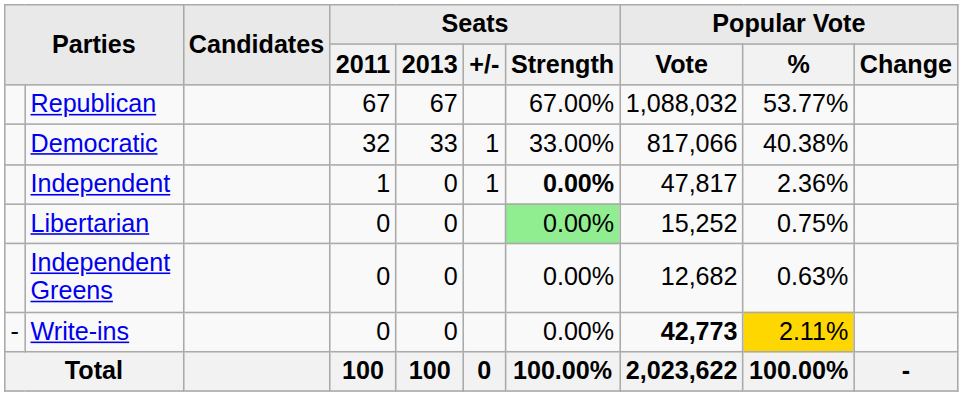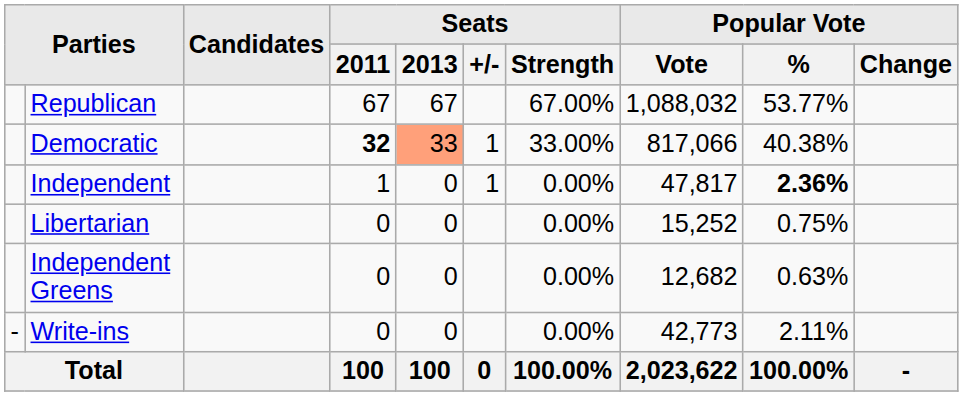 <table class=wikitable>
 <tr>
 <th style="background-color:#E9E9E9" align=center rowspan= 2 colspan=2>Parties</th>
 <th style="background-color:#E9E9E9" align=center rowspan= 2>Candidates</th>
 <th style="background-color:#E9E9E9" align=center colspan=4>Seats</th>
 <th style="background-color:#E9E9E9" align=center colspan=3>Popular Vote</th>
 </tr>
 <tr>
 <th align=center>2011</th>
 <th align=center>2013</th>
 <th align=center>+/-</th>
 <th align=center>Strength</th>
 <th align=center>Vote</th>
 <th align=center>%</th>
 <th align=center>Change</th>
 </tr>
 <tr>
 <td></td>
 <td align=left><a href='#'>Republican</a></td>
 <td align=right></td>
 <td align=right >67</td>
 <td align=right >67</td>
 <td align=right></td>
 <td align=right >67.00%</td>
 <td align=right >1,088,032</td>
 <td align=right >53.77%</td>
 <td align=right></td>
 </tr>
 <tr>
 <td></td>
 <td align=left><a href='#'>Democratic</a></td>
 <td align=right></td>
-<td align=right>32</td>
-<td align=right>33</td>
+<td align=right><strong>32</strong></td>
+<td align=right style="background: lightsalmon;">33</td>
 <td align=right>1</td>
 <td align=right>33.00%</td>
 <td align=right>817,066</td>
 <td align=right>40.38%</td>
 <td align=right></td>
 </tr>
 <tr>
 <td></td>
 <td><a href='#'>Independent</a></td>
 <td align=right></td>
 <td align=right>1</td>
 <td align=right>0</td>
 <td align=right>1<br></td>
-<td align=right><strong>0.00%</strong></td>
+<td align=right>0.00%</td>
 <td align=right>47,817</td>
-<td align=right>2.36%</td>
+<td align=right><strong>2.36%</strong></td>
 <td align=right></td>
 </tr>
 <tr>
 <td></td>
 <td><a href='#'>Libertarian</a></td>
 <td align=right></td>
 <td align=right>0</td>
 <td align=right>0</td>
 <td align=right></td>
-<td align=right style="background: lightgreen;">0.00%</td>
+<td align=right>0.00%</td>
 <td align=right>15,252</td>
 <td align=right>0.75%</td>
 <td align=right></td>
 </tr>
 <tr>
 <td></td>
 <td><a href='#'>Independent Greens</a></td>
 <td align=right></td>
 <td align=right>0</td>
 <td align=right>0</td>
 <td align=right></td>
 <td align=right>0.00%</td>
 <td align=right>12,682</td>
 <td align=right>0.63%</td>
 <td align=right></td>
 </tr>
 <tr>
 <td>-</td>
 <td><a href='#'>Write-ins</a></td>
 <td align=right></td>
 <td align=right>0</td>
 <td align=right>0</td>
 <td align=right></td>
 <td align=right>0.00%</td>
-<td align=right><strong>42,773</strong></td>
-<td align=right style="background: gold;">2.11%</td>
+<td align=right>42,773</td>
+<td align=right>2.11%</td>
 <td align=right></td>
 </tr>
 <tr>
 <th align=center colspan="2">Total</th>
 <th align=center></th>
 <th align=center>100</th>
 <th align=center>100</th>
 <th align=center>0</th>
 <th align=center>100.00%</th>
 <th align=center>2,023,622</th>
 <th align=center>100.00%</th>
 <th align=center>-</th>
 </tr>
 </table>
